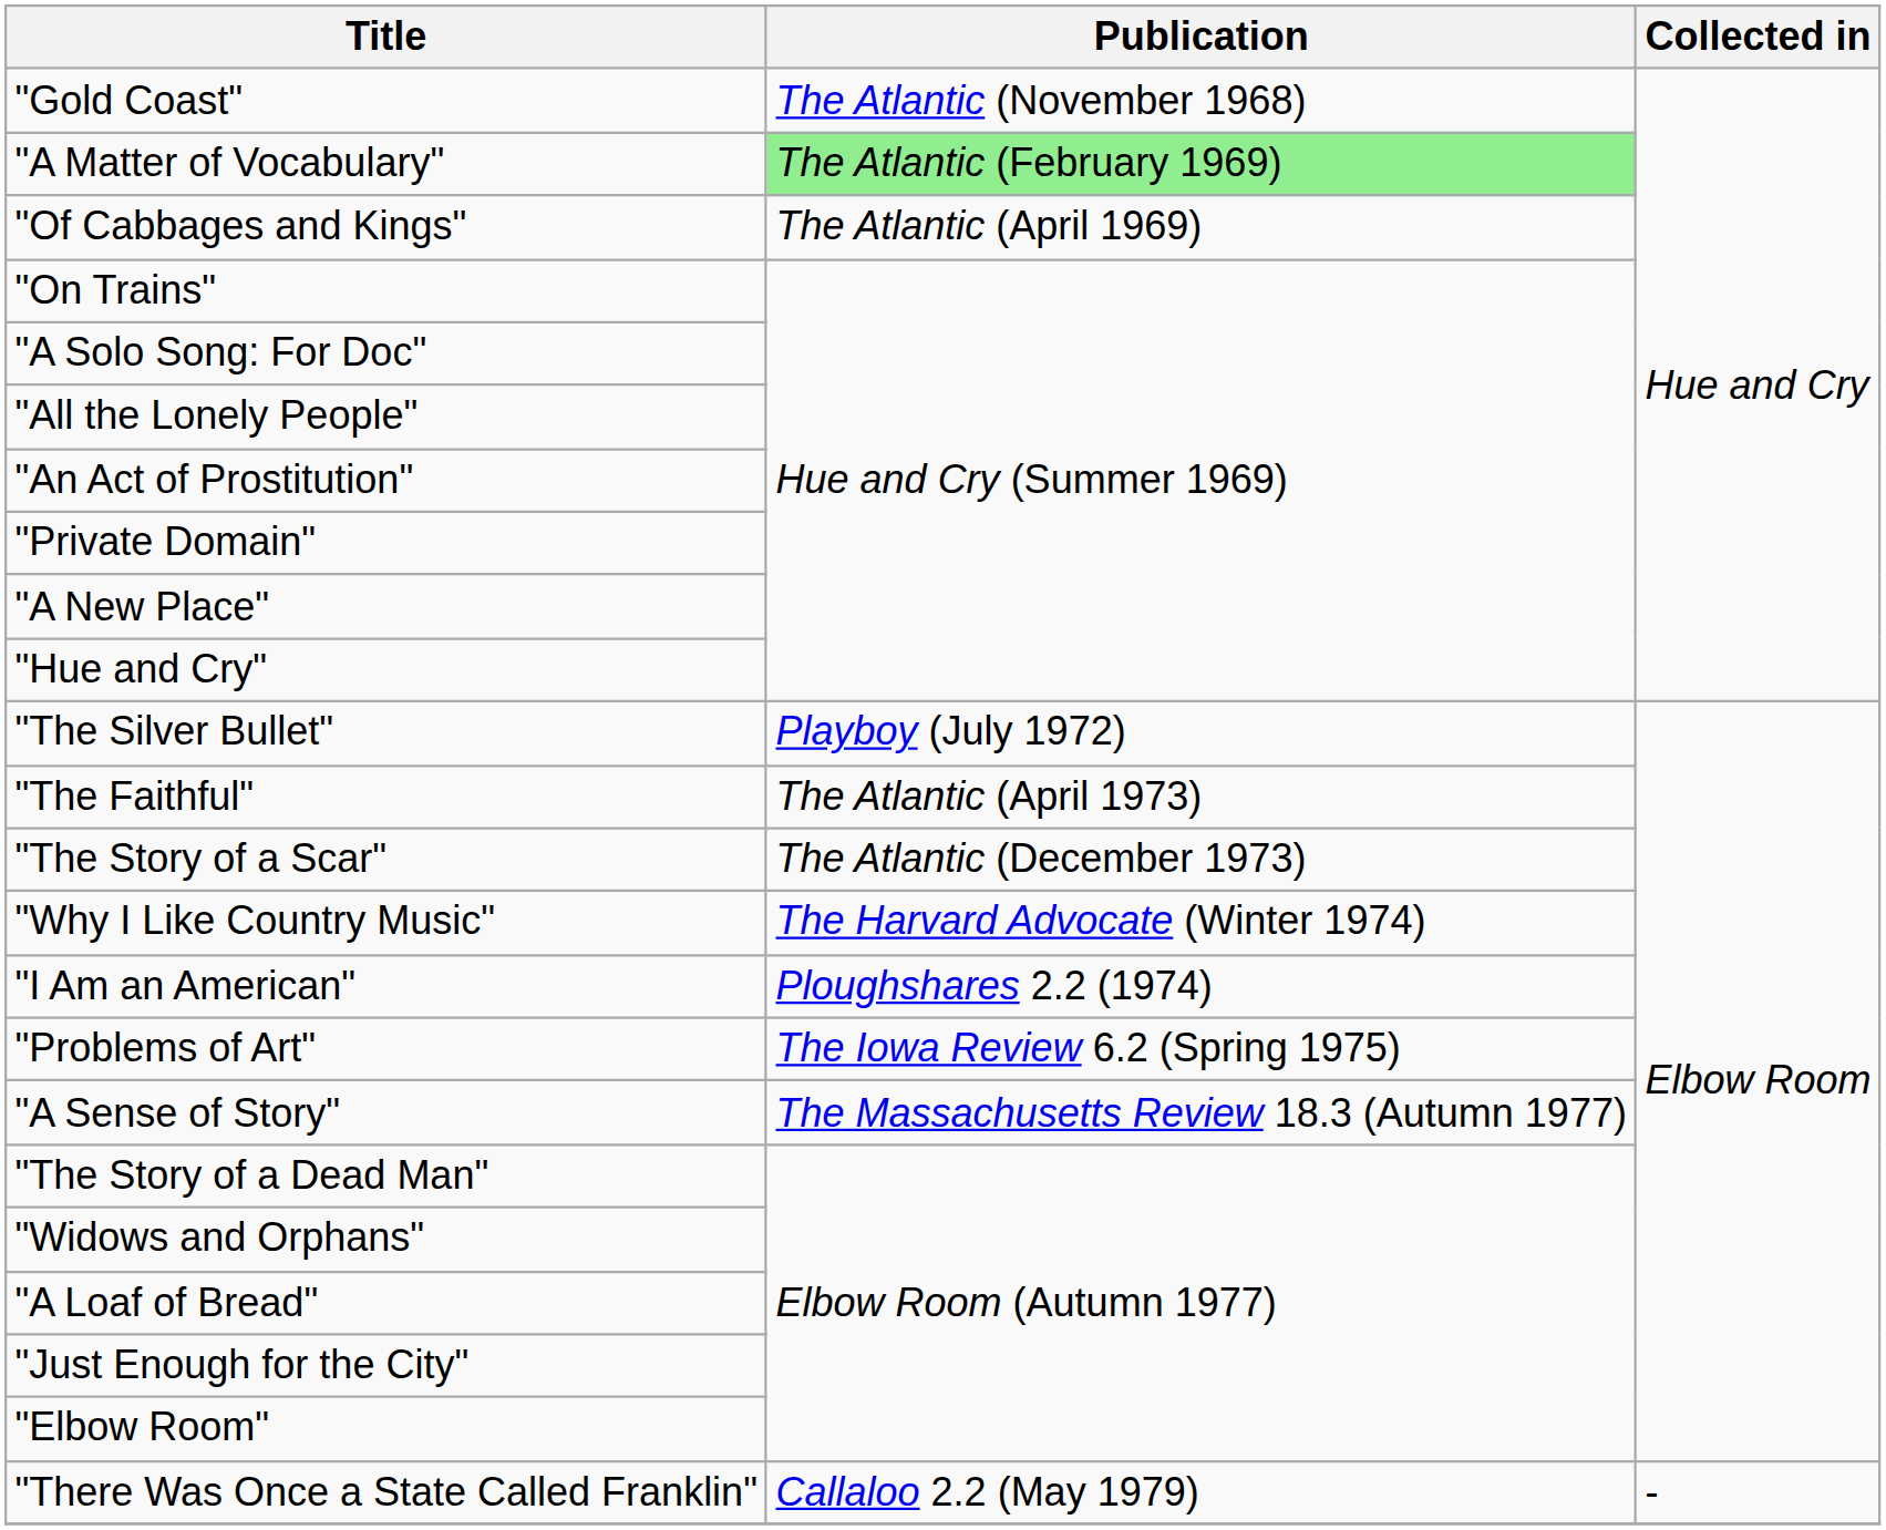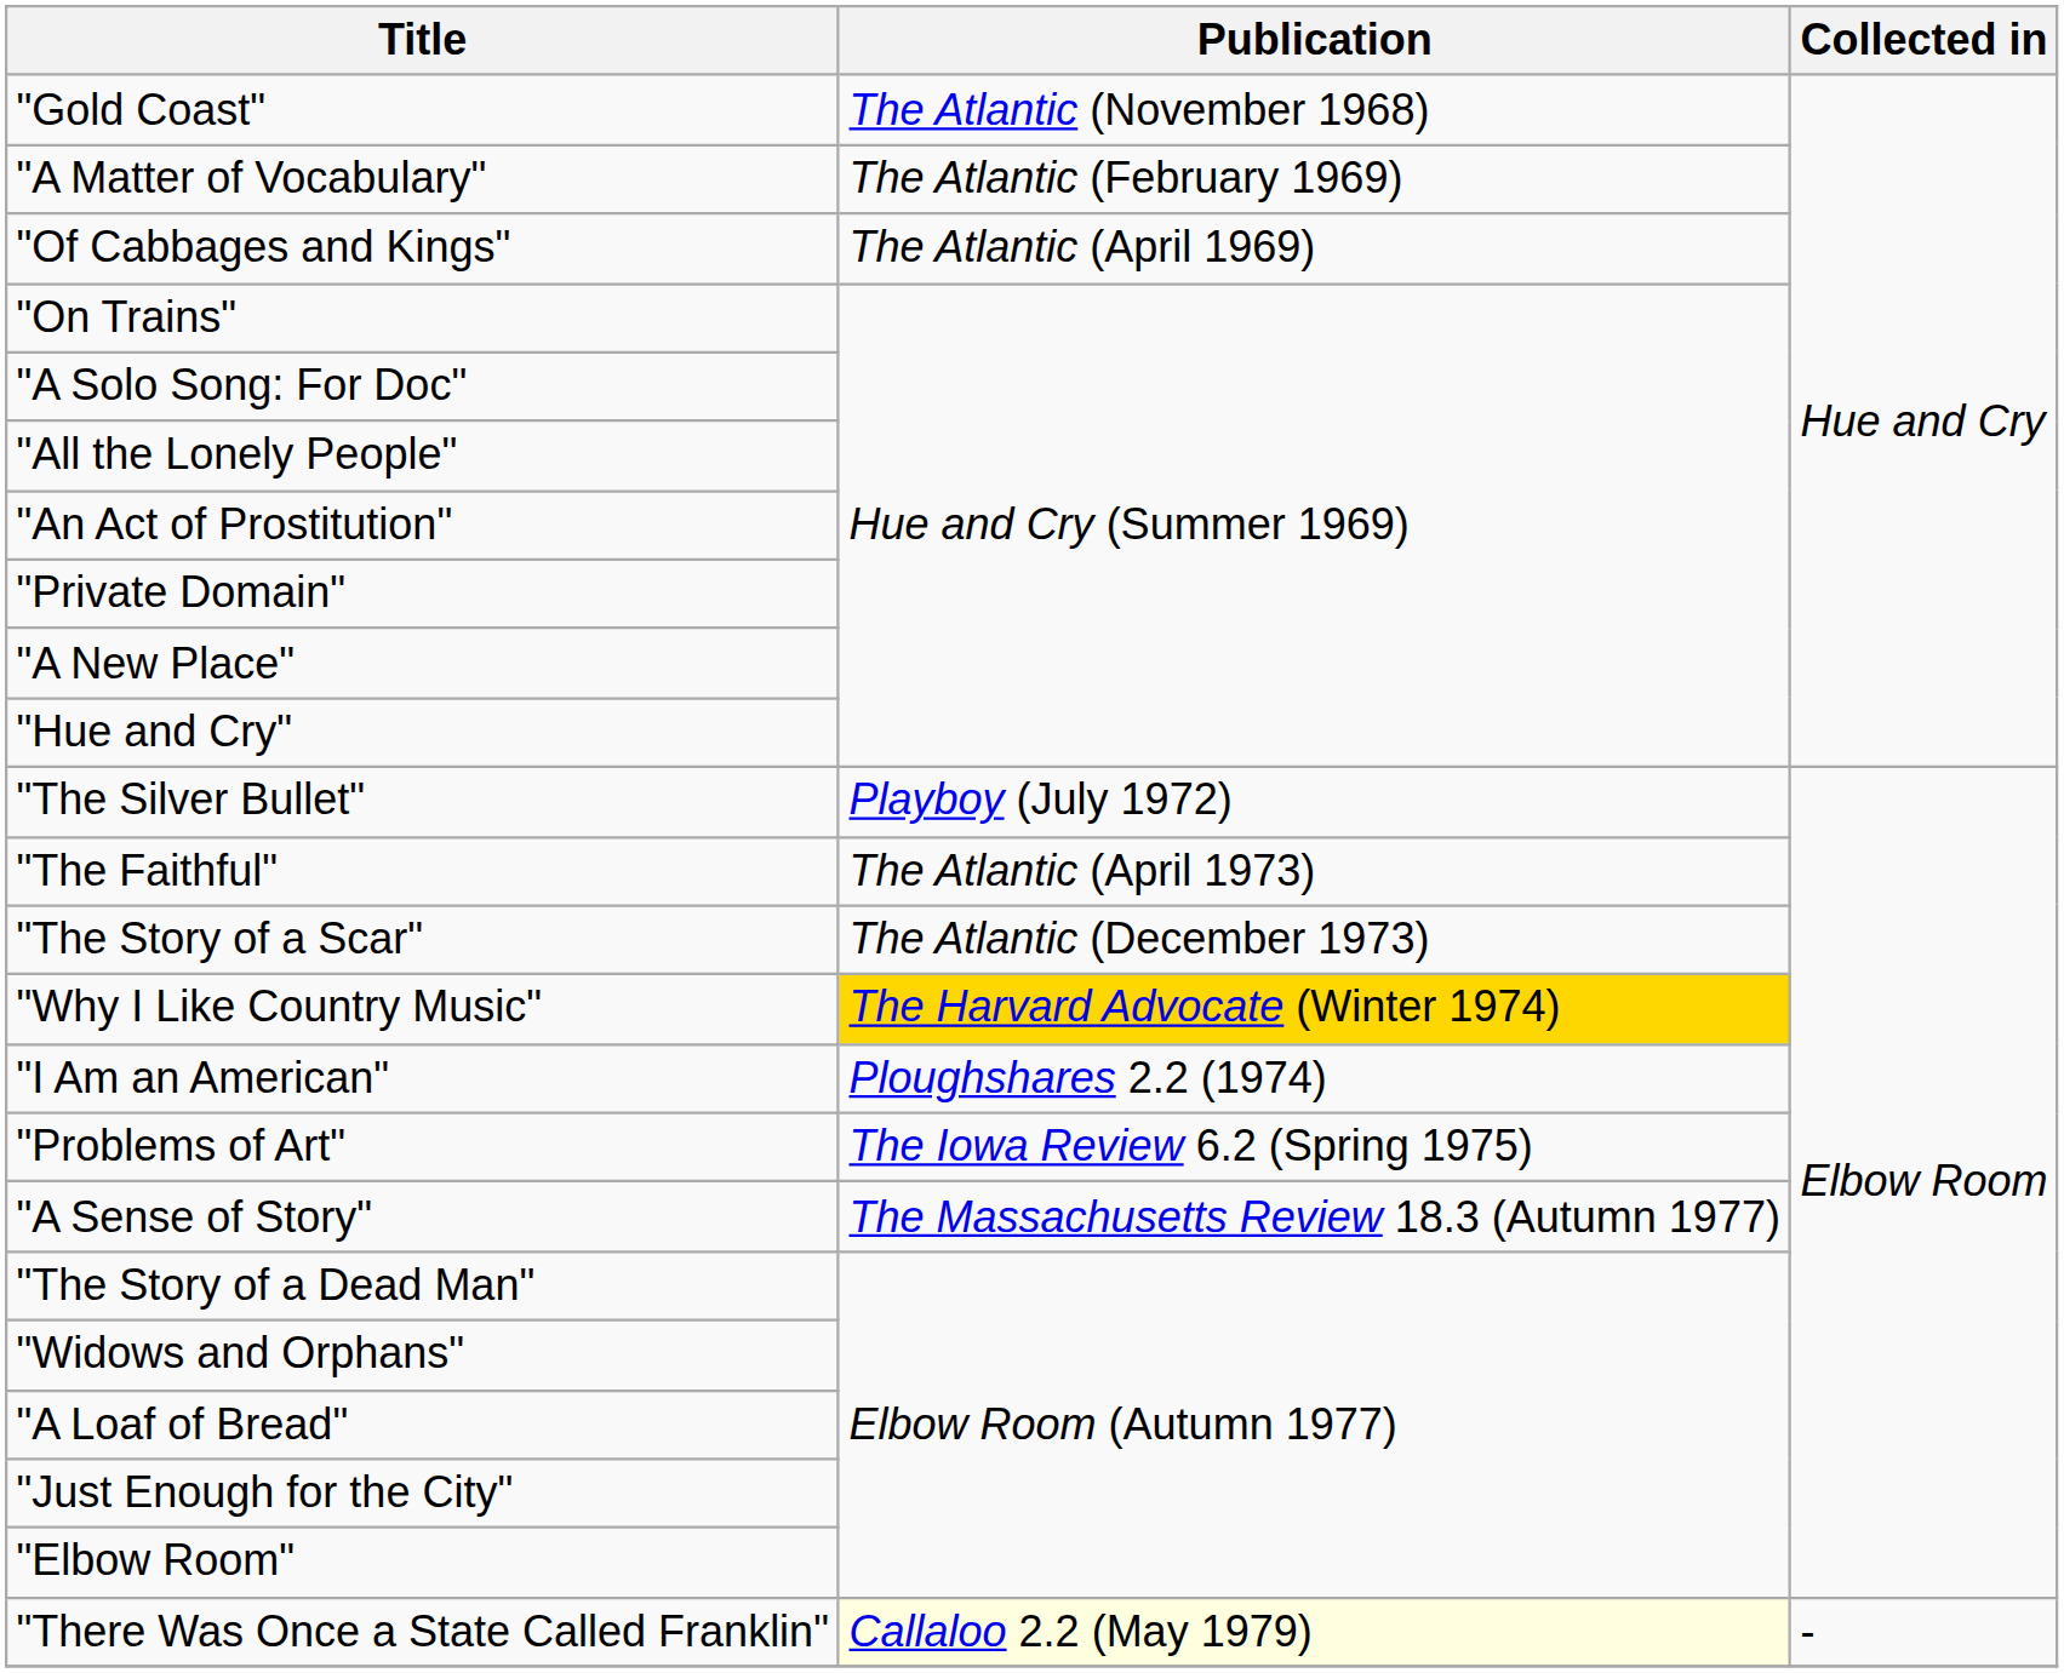 <table class="wikitable">
 <tr>
 <th>Title</th>
 <th>Publication</th>
 <th>Collected in</th>
 </tr>
 <tr>
 <td>"Gold Coast"</td>
 <td><em><a href='#'>The Atlantic</a></em> (November 1968)</td>
 <td rowspan=10><em>Hue and Cry</em></td>
 </tr>
 <tr>
 <td>"A Matter of Vocabulary"</td>
-<td style="background: lightgreen;"><em>The Atlantic</em> (February 1969)</td>
+<td><em>The Atlantic</em> (February 1969)</td>
 </tr>
 <tr>
 <td>"Of Cabbages and Kings"</td>
 <td><em>The Atlantic</em> (April 1969)</td>
 </tr>
 <tr>
 <td>"On Trains"</td>
 <td rowspan=7><em>Hue and Cry</em> (Summer 1969)</td>
 </tr>
 <tr>
 <td>"A Solo Song: For Doc"</td>
 </tr>
 <tr>
 <td>"All the Lonely People"</td>
 </tr>
 <tr>
 <td>"An Act of Prostitution"</td>
 </tr>
 <tr>
 <td>"Private Domain"</td>
 </tr>
 <tr>
 <td>"A New Place"</td>
 </tr>
 <tr>
 <td>"Hue and Cry"</td>
 </tr>
 <tr>
 <td>"The Silver Bullet"</td>
 <td><em><a href='#'>Playboy</a></em> (July 1972)</td>
 <td rowspan=12><em>Elbow Room</em></td>
 </tr>
 <tr>
 <td>"The Faithful"</td>
 <td><em>The Atlantic</em> (April 1973)</td>
 </tr>
 <tr>
 <td>"The Story of a Scar"</td>
 <td><em>The Atlantic</em> (December 1973)</td>
 </tr>
 <tr>
 <td>"Why I Like Country Music"</td>
-<td><em><a href='#'>The Harvard Advocate</a></em> (Winter 1974)</td>
+<td style="background: gold;"><em><a href='#'>The Harvard Advocate</a></em> (Winter 1974)</td>
 </tr>
 <tr>
 <td>"I Am an American"</td>
 <td><em><a href='#'>Ploughshares</a></em> 2.2 (1974)</td>
 </tr>
 <tr>
 <td>"Problems of Art"</td>
 <td><em><a href='#'>The Iowa Review</a></em> 6.2 (Spring 1975)</td>
 </tr>
 <tr>
 <td>"A Sense of Story"</td>
 <td><em><a href='#'>The Massachusetts Review</a></em> 18.3 (Autumn 1977)</td>
 </tr>
 <tr>
 <td>"The Story of a Dead Man"</td>
 <td rowspan=5><em>Elbow Room</em> (Autumn 1977)</td>
 </tr>
 <tr>
 <td>"Widows and Orphans"</td>
 </tr>
 <tr>
 <td>"A Loaf of Bread"</td>
 </tr>
 <tr>
 <td>"Just Enough for the City"</td>
 </tr>
 <tr>
 <td>"Elbow Room"</td>
 </tr>
 <tr>
 <td>"There Was Once a State Called Franklin"</td>
-<td><em><a href='#'>Callaloo</a></em> 2.2 (May 1979)</td>
+<td style="background: lightyellow;"><em><a href='#'>Callaloo</a></em> 2.2 (May 1979)</td>
 <td>-</td>
 </tr>
 <tr>
 </tr>
 </table>
